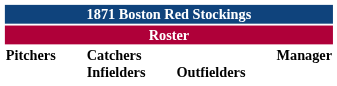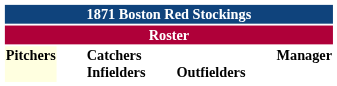 <table class="toccolours" style="font-size: 95%;">
 <tr>
 <th colspan="10" style="background-color: #0f437c; color: #FFFFFF; text-align: center;">1871 Boston Red Stockings</th>
 </tr>
 <tr>
 <td colspan="10" style="background-color:#af0039; color: white; text-align: center;"><strong>Roster</strong></td>
 </tr>
 <tr>
-<td valign="top"><strong>Pitchers</strong><br> </td>
+<td valign="top" style="background: lightyellow;"><strong>Pitchers</strong><br> </td>
 <td width="25px"></td>
 <td valign="top"><strong>Catchers</strong><br> <strong>Infielders</strong>     </td>
 <td width="25px"></td>
 <td valign="top"><br><strong>Outfielders</strong>    </td>
 <td width="25px"></td>
 <td valign="top"><strong>Manager</strong><br></td>
 </tr>
 </table>
